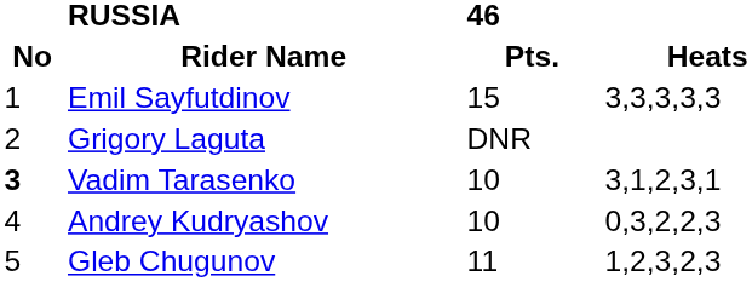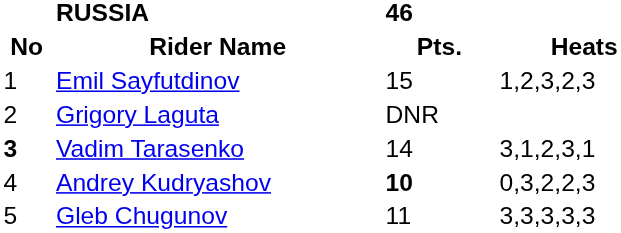 <table class="toccolours">
 <tr>
 <td></td>
 <td><strong>RUSSIA</strong></td>
 <td><strong>46</strong></td>
 </tr>
 <tr style="background: ">
 <th width=30px>No</th>
 <th width=210px>Rider Name</th>
 <th width=70px>Pts.</th>
 <th width=110px>Heats</th>
 </tr>
 <tr style="background-color:">
 <td>1</td>
 <td><a href='#'>Emil Sayfutdinov</a></td>
 <td>15</td>
-<td>3,3,3,3,3</td>
+<td>1,2,3,2,3</td>
 </tr>
 <tr style="background-color:">
 <td>2</td>
 <td><a href='#'>Grigory Laguta</a></td>
 <td>DNR</td>
 <td></td>
 </tr>
 <tr style="background-color:">
 <td><strong>3</strong></td>
 <td><a href='#'>Vadim Tarasenko</a></td>
-<td>10</td>
+<td>14</td>
 <td>3,1,2,3,1</td>
 </tr>
 <tr style="background-color:">
 <td>4</td>
 <td><a href='#'>Andrey Kudryashov</a></td>
-<td>10</td>
+<td><strong>10</strong></td>
 <td>0,3,2,2,3</td>
 </tr>
 <tr style="background-color:">
 <td>5</td>
 <td><a href='#'>Gleb Chugunov</a></td>
 <td>11</td>
-<td>1,2,3,2,3</td>
+<td>3,3,3,3,3</td>
 </tr>
 </table>
